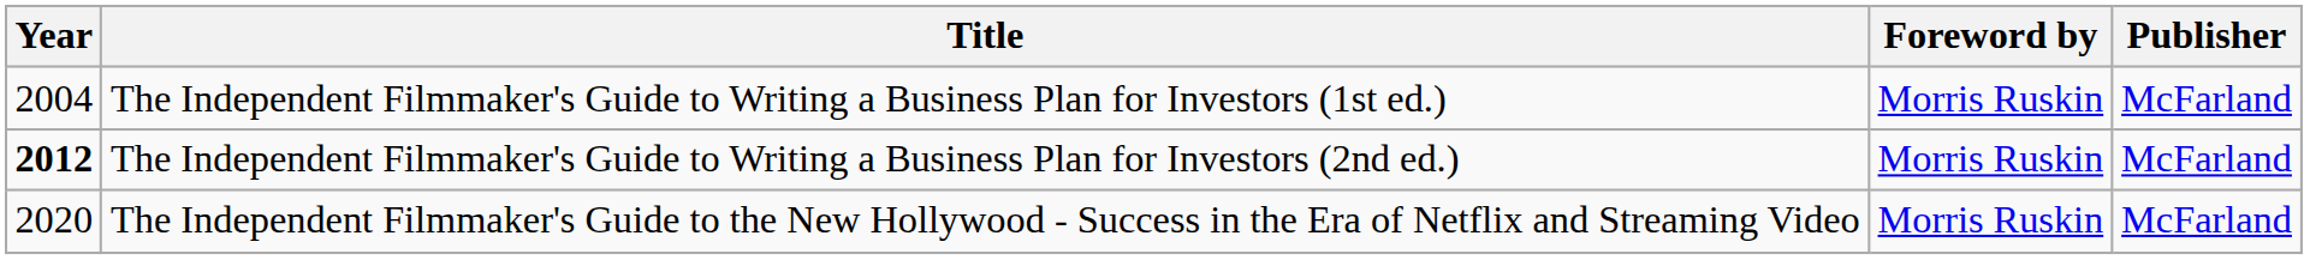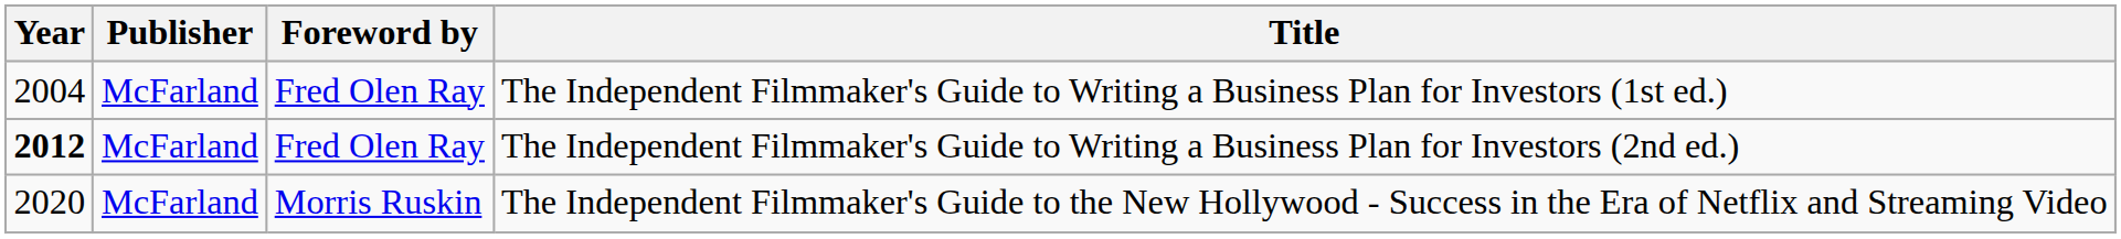 <table class="wikitable">
 <tr>
 <th>Year</th>
+<th>Publisher</th>
+<th>Foreword by</th>
 <th>Title</th>
-<th>Foreword by</th>
-<th>Publisher</th>
 </tr>
 <tr>
 <td>2004</td>
+<td><a href='#'>McFarland</a></td>
+<td><a href='#'>Fred Olen Ray</a></td>
 <td>The Independent Filmmaker's Guide to Writing a Business Plan for Investors (1st ed.)</td>
-<td><a href='#'>Morris Ruskin</a></td>
-<td><a href='#'>McFarland</a></td>
 </tr>
 <tr>
 <td><strong>2012</strong></td>
+<td><a href='#'>McFarland</a></td>
+<td><a href='#'>Fred Olen Ray</a></td>
 <td>The Independent Filmmaker's Guide to Writing a Business Plan for Investors (2nd ed.)</td>
-<td><a href='#'>Morris Ruskin</a></td>
-<td><a href='#'>McFarland</a></td>
 </tr>
 <tr>
 <td>2020</td>
+<td><a href='#'>McFarland</a></td>
+<td><a href='#'>Morris Ruskin</a></td>
 <td>The Independent Filmmaker's Guide to the New Hollywood - Success in the Era of Netflix and Streaming Video</td>
-<td><a href='#'>Morris Ruskin</a></td>
-<td><a href='#'>McFarland</a></td>
 </tr>
 </table>
